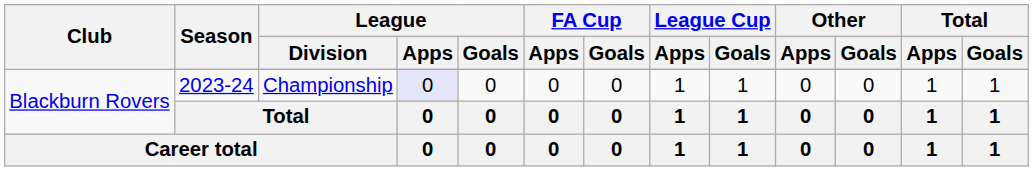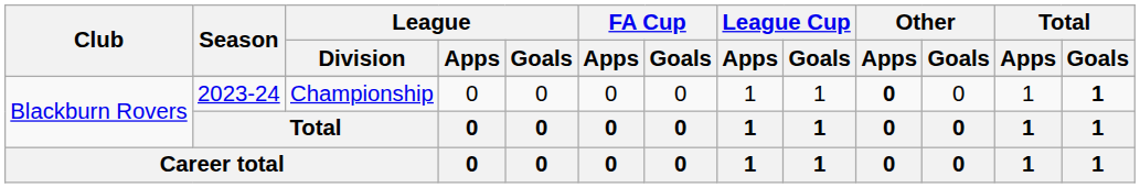 <table class="wikitable" style="text-align: center">
 <tr>
 <th rowspan="2">Club</th>
 <th rowspan="2">Season</th>
 <th colspan="3">League</th>
 <th colspan="2"><a href='#'>FA Cup</a></th>
 <th colspan="2"><a href='#'>League Cup</a></th>
 <th colspan="2">Other</th>
 <th colspan="2">Total</th>
 </tr>
 <tr>
 <th>Division</th>
 <th>Apps</th>
 <th>Goals</th>
 <th>Apps</th>
 <th>Goals</th>
 <th>Apps</th>
 <th>Goals</th>
 <th>Apps</th>
 <th>Goals</th>
 <th>Apps</th>
 <th>Goals</th>
 </tr>
 <tr>
 <td rowspan="3"><a href='#'>Blackburn Rovers</a></td>
 </tr>
 <tr>
 <td><a href='#'>2023-24</a></td>
 <td rowspan="1"><a href='#'>Championship</a></td>
-<td style="background: lavender;">0</td>
+<td>0</td>
 <td>0</td>
 <td>0</td>
 <td>0</td>
 <td>1</td>
 <td>1</td>
-<td>0</td>
+<td><strong>0</strong></td>
 <td>0</td>
 <td>1</td>
-<td>1</td>
+<td><strong>1</strong></td>
 </tr>
 <tr>
 <th colspan="2">Total</th>
 <th>0</th>
 <th>0</th>
 <th>0</th>
 <th>0</th>
 <th>1</th>
 <th>1</th>
 <th>0</th>
 <th>0</th>
 <th>1</th>
 <th>1</th>
 </tr>
 <tr>
 <th colspan="3">Career total</th>
 <th>0</th>
 <th>0</th>
 <th>0</th>
 <th>0</th>
 <th>1</th>
 <th>1</th>
 <th>0</th>
 <th>0</th>
 <th>1</th>
 <th>1</th>
 </tr>
 </table>
